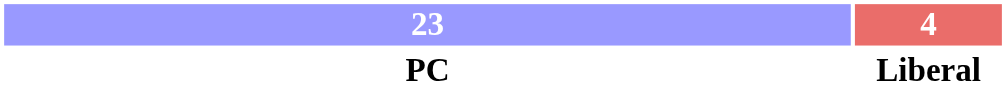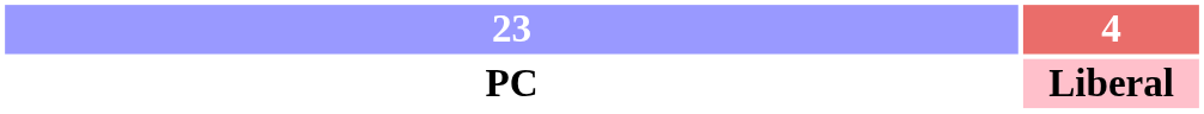 <table style="width:55%; text-align:center;">
 <tr style="color:white;">
 <td style="background:#9999FF; width:85.19%;"><strong>23</strong></td>
 <td style="background:#EA6D6A; width:14.81%;"><strong>4</strong></td>
 </tr>
 <tr>
 <td><span><strong>PC</strong></span></td>
-<td><span><strong>Liberal</strong></span></td>
+<td style="background: pink;"><span><strong>Liberal</strong></span></td>
 </tr>
 </table>
